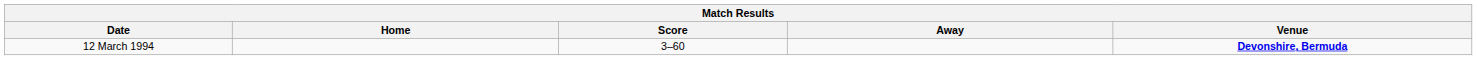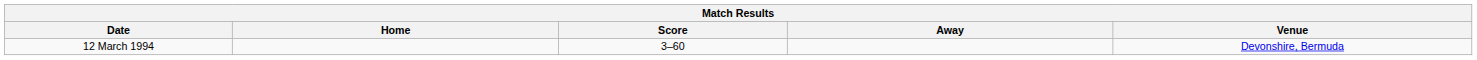 <table class="wikitable" style="font-size:90%; width: 100%; text-align: center;">
 <tr>
 <th colspan=5>Match Results</th>
 </tr>
 <tr>
 <th width=7%>Date</th>
 <th width=10%>Home</th>
 <th width=7%>Score</th>
 <th width=10%>Away</th>
 <th width=11%>Venue</th>
 </tr>
 <tr>
 <td>12 March 1994</td>
 <td></td>
 <td>3–60</td>
 <td></td>
-<td><strong><a href='#'>Devonshire, Bermuda</a></strong></td>
+<td><a href='#'>Devonshire, Bermuda</a></td>
 </tr>
 </table>
